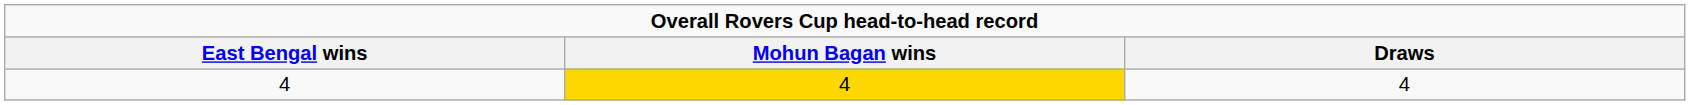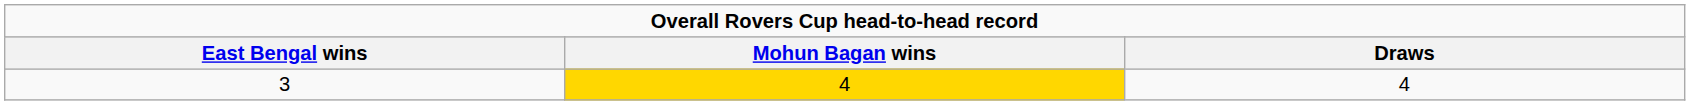 <table class="wikitable" style="font-size:90%; width:95%; text-align:center">
 <tr>
 <td Colspan="3"><strong>Overall Rovers Cup head-to-head record</strong></td>
 </tr>
 <tr>
 <th width="33%"><a href='#'>East Bengal</a>  wins</th>
 <th width="33%"><a href='#'>Mohun Bagan</a> wins</th>
 <th width="33%">Draws</th>
 </tr>
 <tr>
-<td>4</td>
+<td>3</td>
 <td style="background: gold;">4</td>
 <td>4</td>
 </tr>
 </table>
